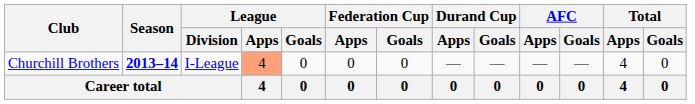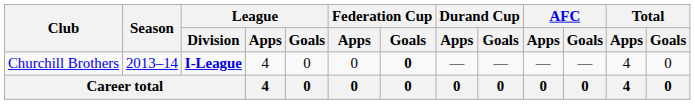 <table class="wikitable" style="text-align: center;">
 <tr>
 <th rowspan="2">Club</th>
 <th rowspan="2">Season</th>
 <th colspan="3">League</th>
 <th colspan="2">Federation Cup</th>
 <th colspan="2">Durand Cup</th>
 <th colspan="2"><a href='#'>AFC</a></th>
 <th colspan="2">Total</th>
 </tr>
 <tr>
 <th>Division</th>
 <th>Apps</th>
 <th>Goals</th>
 <th>Apps</th>
 <th>Goals</th>
 <th>Apps</th>
 <th>Goals</th>
 <th>Apps</th>
 <th>Goals</th>
 <th>Apps</th>
 <th>Goals</th>
 </tr>
 <tr>
 <td><a href='#'>Churchill Brothers</a></td>
-<td><strong><a href='#'>2013–14</a></strong></td>
-<td><a href='#'>I-League</a></td>
-<td style="background: lightsalmon;">4</td>
+<td><a href='#'>2013–14</a></td>
+<td><strong><a href='#'>I-League</a></strong></td>
+<td>4</td>
 <td>0</td>
 <td>0</td>
-<td>0</td>
+<td><strong>0</strong></td>
 <td>—</td>
 <td>—</td>
 <td>—</td>
 <td>—</td>
 <td>4</td>
 <td>0</td>
 </tr>
 <tr>
 <th colspan="3">Career total</th>
 <th>4</th>
 <th>0</th>
 <th>0</th>
 <th>0</th>
 <th>0</th>
 <th>0</th>
 <th>0</th>
 <th>0</th>
 <th>4</th>
 <th>0</th>
 </tr>
 </table>
